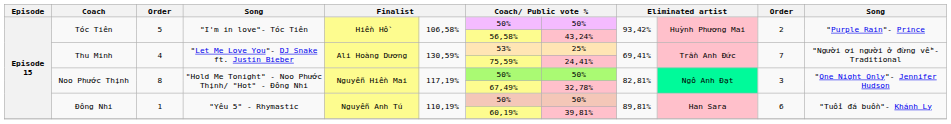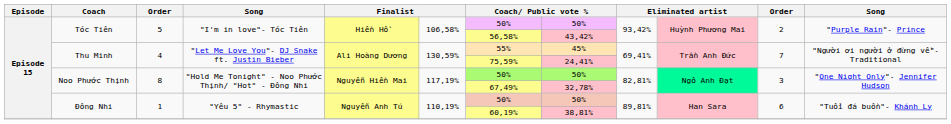 <table class="wikitable" style="text-align:center">
 <tr>
 <th style="width:05%;">Episode</th>
 <th style="width:09%;">Coach</th>
 <th style="width:05%;">Order</th>
 <th style="width:15%;">Song</th>
 <th style="width:15%;" colspan="2">Finalist</th>
 <th style="width:16%;" colspan="2">Coach/ Public vote %</th>
 <th style="width:15%;" colspan="2">Eliminated artist</th>
 <th style="width:05%;">Order</th>
 <th style="width:15%;">Song</th>
 </tr>
 <tr>
 <th rowspan="8" scope="row">Episode 15<br><small></small></th>
 <td rowspan="2">Tóc Tiên</td>
 <td rowspan="2">5</td>
 <td rowspan="2">"I'm in love"- Tóc Tiên</td>
 <td bgcolor="#fdfc8f" rowspan="2">Hiền Hồ</td>
 <td rowspan="2">106,58%</td>
 <td width="8%" bgcolor="#f4bbff">50%</td>
 <td width="8%" bgcolor="#f4bbff">50%</td>
 <td rowspan="2">93,42%</td>
 <td bgcolor="pink" rowspan="2">Huỳnh Phương Mai</td>
 <td rowspan="2">2</td>
 <td rowspan="2">"<a href='#'>Purple Rain</a>"- <a href='#'>Prince</a></td>
 </tr>
 <tr>
 <td bgcolor="#fdfc8f">56,58%</td>
-<td bgcolor="pink">43,24%</td>
+<td bgcolor="pink">43,42%</td>
 </tr>
 <tr>
 <td rowspan="2">Thu Minh</td>
 <td rowspan="2">4</td>
 <td rowspan="2">"<a href='#'>Let Me Love You</a>"- <a href='#'>DJ Snake</a> ft. <a href='#'>Justin Bieber</a></td>
 <td bgcolor="#fdfc8f" rowspan="2">Ali Hoàng Dương</td>
 <td rowspan="2">130,59%</td>
-<td width="8%" bgcolor="#ffe5b4">53%</td>
-<td width="8%" bgcolor="#ffe5b4">25%</td>
+<td width="8%" bgcolor="#ffe5b4">55%</td>
+<td width="8%" bgcolor="#ffe5b4">45%</td>
 <td rowspan="2">69,41%</td>
 <td bgcolor="pink" rowspan="2">Trần Anh Đức</td>
 <td rowspan="2">7</td>
 <td rowspan="2">"Người ơi người ở đừng về"- Traditional</td>
 </tr>
 <tr>
 <td bgcolor="#fdfc8f">75,59%</td>
 <td bgcolor="pink">24,41%</td>
 </tr>
 <tr>
 <td rowspan="2">Noo Phước Thịnh</td>
 <td rowspan="2">8</td>
 <td rowspan="2">"Hold Me Tonight" - Noo Phước Thịnh/ "Hot" - Đông Nhi</td>
 <td bgcolor="#fdfc8f" rowspan="2">Nguyễn Hiền Mai</td>
 <td rowspan="2">117,19%</td>
 <td width="8%" bgcolor="#aafa73">50%</td>
 <td width="8%" bgcolor="#aafa73">50%</td>
 <td rowspan="2">82,81%</td>
 <td bgcolor="#00FA9A" rowspan="2">Ngô Anh Đạt</td>
 <td rowspan="2">3</td>
 <td rowspan="2">"<a href='#'>One Night Only</a>"- <a href='#'>Jennifer Hudson</a></td>
 </tr>
 <tr>
 <td bgcolor="#fdfc8f">67,49%</td>
 <td bgcolor="pink">32,78%</td>
 </tr>
 <tr>
 <td rowspan="2">Đông Nhi</td>
 <td rowspan="2">1</td>
 <td rowspan="2">"Yêu 5" - Rhymastic</td>
 <td bgcolor="#fdfc8f" rowspan="2">Nguyễn Anh Tú</td>
 <td rowspan="2">110,19%</td>
 <td width="8%" bgcolor="#f4c7b8">50%</td>
 <td width="8%" bgcolor="#f4c7b8">50%</td>
 <td rowspan="2">89,81%</td>
 <td bgcolor="pink" rowspan="2">Han Sara</td>
 <td rowspan="2">6</td>
 <td rowspan="2">"Tuổi đá buồn"- <a href='#'>Khánh Ly</a></td>
 </tr>
 <tr>
 <td bgcolor="#fdfc8f">60,19%</td>
-<td bgcolor="pink">39,81%</td>
+<td bgcolor="pink">38,81%</td>
 </tr>
 <tr>
 </tr>
 </table>
